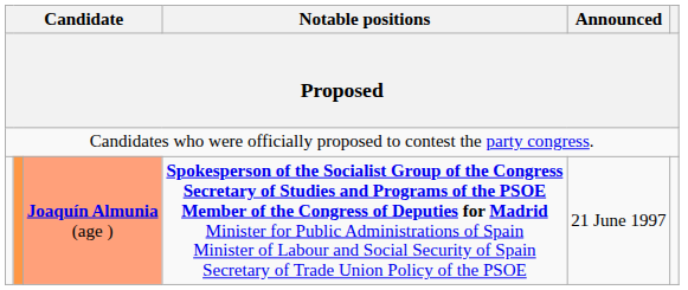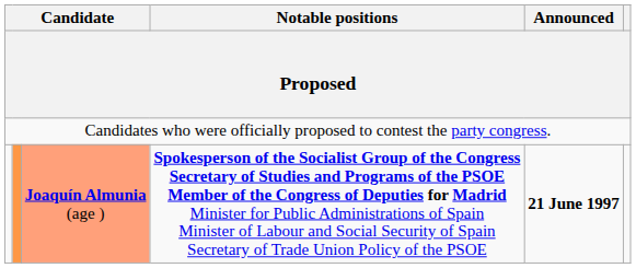 <table class="wikitable" style="text-align:center;">
 <tr>
 <th colspan="3">Candidate</th>
 <th>Notable positions</th>
 <th>Announced</th>
 <th></th>
 </tr>
 <tr>
 <th colspan="6"><br><h3>Proposed</h3></th>
 </tr>
 <tr>
 <td colspan="6">Candidates who were officially proposed to contest the <a href='#'>party congress</a>.</td>
 </tr>
 <tr>
 <td></td>
 <td width="1px" style="color:inherit;background:#FF9744"></td>
 <td style="background: lightsalmon;"><strong><a href='#'>Joaquín Almunia</a></strong><br>(age )</td>
 <td><strong><a href='#'>Spokesperson of the Socialist Group of the Congress</a> <br><a href='#'>Secretary of Studies and Programs of the PSOE</a> <br><a href='#'>Member of the Congress of Deputies</a> for <a href='#'>Madrid</a> </strong><br><a href='#'>Minister for Public Administrations of Spain</a> <br><a href='#'>Minister of Labour and Social Security of Spain</a> <br><a href='#'>Secretary of Trade Union Policy of the PSOE</a> </td>
-<td>21 June 1997</td>
+<td><strong>21 June 1997</strong></td>
 <td><br><br></td>
 </tr>
 </table>
